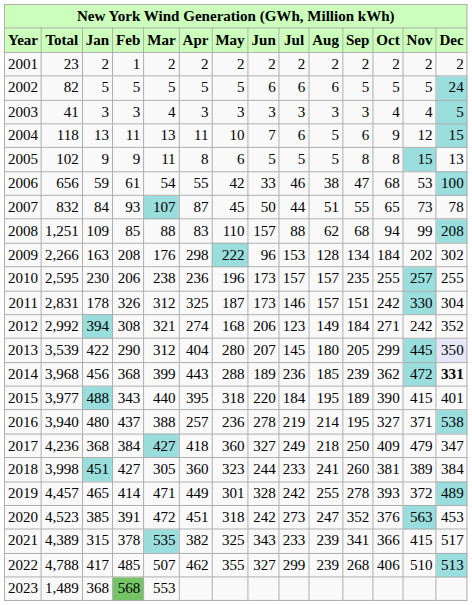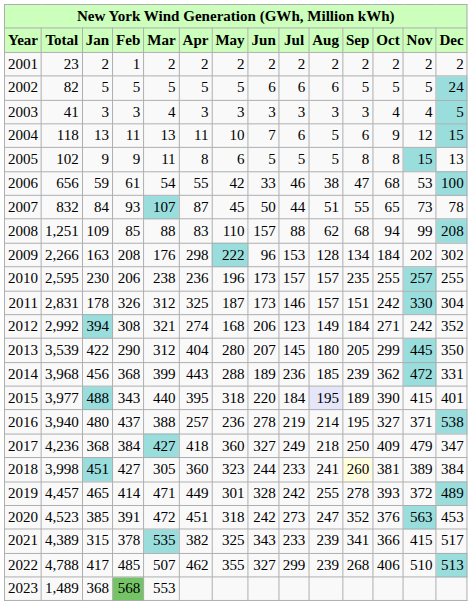 <table class="wikitable" style="text-align:right;">
 <tr>
 <th colspan="14" style="background:#cfb;">New York Wind Generation (GWh, Million kWh)</th>
 </tr>
 <tr>
 <th style="background:#cfb;">Year</th>
 <th style="background:#cfb;">Total</th>
 <th style="background:#cfb;">Jan</th>
 <th style="background:#cfb;">Feb</th>
 <th style="background:#cfb;">Mar</th>
 <th style="background:#cfb;">Apr</th>
 <th style="background:#cfb;">May</th>
 <th style="background:#cfb;">Jun</th>
 <th style="background:#cfb;">Jul</th>
 <th style="background:#cfb;">Aug</th>
 <th style="background:#cfb;">Sep</th>
 <th style="background:#cfb;">Oct</th>
 <th style="background:#cfb;">Nov</th>
 <th style="background:#cfb;">Dec</th>
 </tr>
 <tr align=right>
 <td>2001</td>
 <td>23</td>
 <td>2</td>
 <td>1</td>
 <td>2</td>
 <td>2</td>
 <td>2</td>
 <td>2</td>
 <td>2</td>
 <td>2</td>
 <td>2</td>
 <td>2</td>
 <td>2</td>
 <td>2</td>
 </tr>
 <tr align=right>
 <td>2002</td>
 <td>82</td>
 <td>5</td>
 <td>5</td>
 <td>5</td>
 <td>5</td>
 <td>5</td>
 <td>6</td>
 <td>6</td>
 <td>6</td>
 <td>5</td>
 <td>5</td>
 <td>5</td>
 <td style="background-color: #9dd;">24</td>
 </tr>
 <tr align=right>
 <td>2003</td>
 <td>41</td>
 <td>3</td>
 <td>3</td>
 <td>4</td>
 <td>3</td>
 <td>3</td>
 <td>3</td>
 <td>3</td>
 <td>3</td>
 <td>3</td>
 <td>4</td>
 <td>4</td>
 <td style="background-color: #9dd;">5</td>
 </tr>
 <tr align=right>
 <td>2004</td>
 <td>118</td>
 <td>13</td>
 <td>11</td>
 <td>13</td>
 <td>11</td>
 <td>10</td>
 <td>7</td>
 <td>6</td>
 <td>5</td>
 <td>6</td>
 <td>9</td>
 <td>12</td>
 <td style="background-color: #9dd;">15</td>
 </tr>
 <tr align=right>
 <td>2005</td>
 <td>102</td>
 <td>9</td>
 <td>9</td>
 <td>11</td>
 <td>8</td>
 <td>6</td>
 <td>5</td>
 <td>5</td>
 <td>5</td>
 <td>8</td>
 <td>8</td>
 <td style="background-color: #9dd;">15</td>
 <td>13</td>
 </tr>
 <tr align=right>
 <td>2006</td>
 <td>656</td>
 <td>59</td>
 <td>61</td>
 <td>54</td>
 <td>55</td>
 <td>42</td>
 <td>33</td>
 <td>46</td>
 <td>38</td>
 <td>47</td>
 <td>68</td>
 <td>53</td>
 <td style="background-color: #9dd;">100</td>
 </tr>
 <tr align=right>
 <td>2007</td>
 <td>832</td>
 <td>84</td>
 <td>93</td>
 <td style="background-color: #9dd;">107</td>
 <td>87</td>
 <td>45</td>
 <td>50</td>
 <td>44</td>
 <td>51</td>
 <td>55</td>
 <td>65</td>
 <td>73</td>
 <td>78</td>
 </tr>
 <tr align=right>
 <td>2008</td>
 <td>1,251</td>
 <td>109</td>
 <td>85</td>
 <td>88</td>
 <td>83</td>
 <td>110</td>
 <td>157</td>
 <td>88</td>
 <td>62</td>
 <td>68</td>
 <td>94</td>
 <td>99</td>
 <td style="background-color: #9dd;">208</td>
 </tr>
 <tr align=right>
 <td>2009</td>
 <td>2,266</td>
 <td>163</td>
 <td>208</td>
 <td>176</td>
 <td>298</td>
 <td style="background-color: #9dd;">222</td>
 <td>96</td>
 <td>153</td>
 <td>128</td>
 <td>134</td>
 <td>184</td>
 <td>202</td>
 <td>302</td>
 </tr>
 <tr align=right>
 <td>2010</td>
 <td>2,595</td>
 <td>230</td>
 <td>206</td>
 <td>238</td>
 <td>236</td>
 <td>196</td>
 <td>173</td>
 <td>157</td>
 <td>157</td>
 <td>235</td>
 <td>255</td>
 <td style="background-color: #9dd;">257</td>
 <td>255</td>
 </tr>
 <tr align=right>
 <td>2011</td>
 <td>2,831</td>
 <td>178</td>
 <td>326</td>
 <td>312</td>
 <td>325</td>
 <td>187</td>
 <td>173</td>
 <td>146</td>
 <td>157</td>
 <td>151</td>
 <td>242</td>
 <td style="background-color: #9dd;">330</td>
 <td>304</td>
 </tr>
 <tr align=right>
 <td>2012</td>
 <td>2,992</td>
 <td style="background-color: #9dd;">394</td>
 <td>308</td>
 <td>321</td>
 <td>274</td>
 <td>168</td>
 <td>206</td>
 <td>123</td>
 <td>149</td>
 <td>184</td>
 <td>271</td>
 <td>242</td>
 <td>352</td>
 </tr>
 <tr align=right>
 <td>2013</td>
 <td>3,539</td>
 <td>422</td>
 <td>290</td>
 <td>312</td>
 <td>404</td>
 <td>280</td>
 <td>207</td>
 <td>145</td>
 <td>180</td>
 <td>205</td>
 <td>299</td>
 <td style="background-color: #9dd;">445</td>
-<td style="background: lavender;">350</td>
+<td>350</td>
 </tr>
 <tr align=right>
 <td>2014</td>
 <td>3,968</td>
 <td>456</td>
 <td>368</td>
 <td>399</td>
 <td>443</td>
 <td>288</td>
 <td>189</td>
 <td>236</td>
 <td>185</td>
 <td>239</td>
 <td>362</td>
 <td style="background-color: #9dd;">472</td>
-<td><strong>331</strong></td>
+<td>331</td>
 </tr>
 <tr align=right>
 <td>2015</td>
 <td>3,977</td>
 <td style="background-color: #9dd;">488</td>
 <td>343</td>
 <td>440</td>
 <td>395</td>
 <td>318</td>
 <td>220</td>
 <td>184</td>
-<td>195</td>
+<td style="background: lavender;">195</td>
 <td>189</td>
 <td>390</td>
 <td>415</td>
 <td>401</td>
 </tr>
 <tr align=right>
 <td>2016</td>
 <td>3,940</td>
 <td>480</td>
 <td>437</td>
 <td>388</td>
 <td>257</td>
 <td>236</td>
 <td>278</td>
 <td>219</td>
 <td>214</td>
 <td>195</td>
 <td>327</td>
 <td>371</td>
 <td style="background-color: #9dd;">538</td>
 </tr>
 <tr align=right>
 <td>2017</td>
 <td>4,236</td>
 <td>368</td>
 <td>384</td>
 <td style="background-color: #9dd;">427</td>
 <td>418</td>
 <td>360</td>
 <td>327</td>
 <td>249</td>
 <td>218</td>
 <td>250</td>
 <td>409</td>
 <td>479</td>
 <td>347</td>
 </tr>
 <tr align=right>
 <td>2018</td>
 <td>3,998</td>
 <td style="background-color: #9dd;">451</td>
 <td>427</td>
 <td>305</td>
 <td>360</td>
 <td>323</td>
 <td>244</td>
 <td>233</td>
 <td>241</td>
-<td>260</td>
+<td style="background: lightyellow;">260</td>
 <td>381</td>
 <td>389</td>
 <td>384</td>
 </tr>
 <tr align=right>
 <td>2019</td>
 <td>4,457</td>
 <td>465</td>
 <td>414</td>
 <td>471</td>
 <td>449</td>
 <td>301</td>
 <td>328</td>
 <td>242</td>
 <td>255</td>
 <td>278</td>
 <td>393</td>
 <td>372</td>
 <td style="background-color: #9dd;">489</td>
 </tr>
 <tr align=right>
 <td>2020</td>
 <td>4,523</td>
 <td>385</td>
 <td>391</td>
 <td>472</td>
 <td>451</td>
 <td>318</td>
 <td>242</td>
 <td>273</td>
 <td>247</td>
 <td>352</td>
 <td>376</td>
 <td style="background-color: #9dd;">563</td>
 <td>453</td>
 </tr>
 <tr align=right>
 <td>2021</td>
 <td>4,389</td>
 <td>315</td>
 <td>378</td>
 <td style="background-color: #9dd;">535</td>
 <td>382</td>
 <td>325</td>
 <td>343</td>
 <td>233</td>
 <td>239</td>
 <td>341</td>
 <td>366</td>
 <td>415</td>
 <td>517</td>
 </tr>
 <tr align=right>
 <td>2022</td>
 <td>4,788</td>
 <td>417</td>
 <td>485</td>
 <td>507</td>
 <td>462</td>
 <td>355</td>
 <td>327</td>
 <td>299</td>
 <td>239</td>
 <td>268</td>
 <td>406</td>
 <td>510</td>
 <td style="background-color: #9dd;">513</td>
 </tr>
 <tr align=right>
 <td>2023</td>
 <td>1,489</td>
 <td>368</td>
 <td style="background-color: #74C365">568</td>
 <td>553</td>
 <td></td>
 <td></td>
 <td></td>
 <td></td>
 <td></td>
 <td></td>
 <td></td>
 <td></td>
 <td></td>
 </tr>
 </table>
